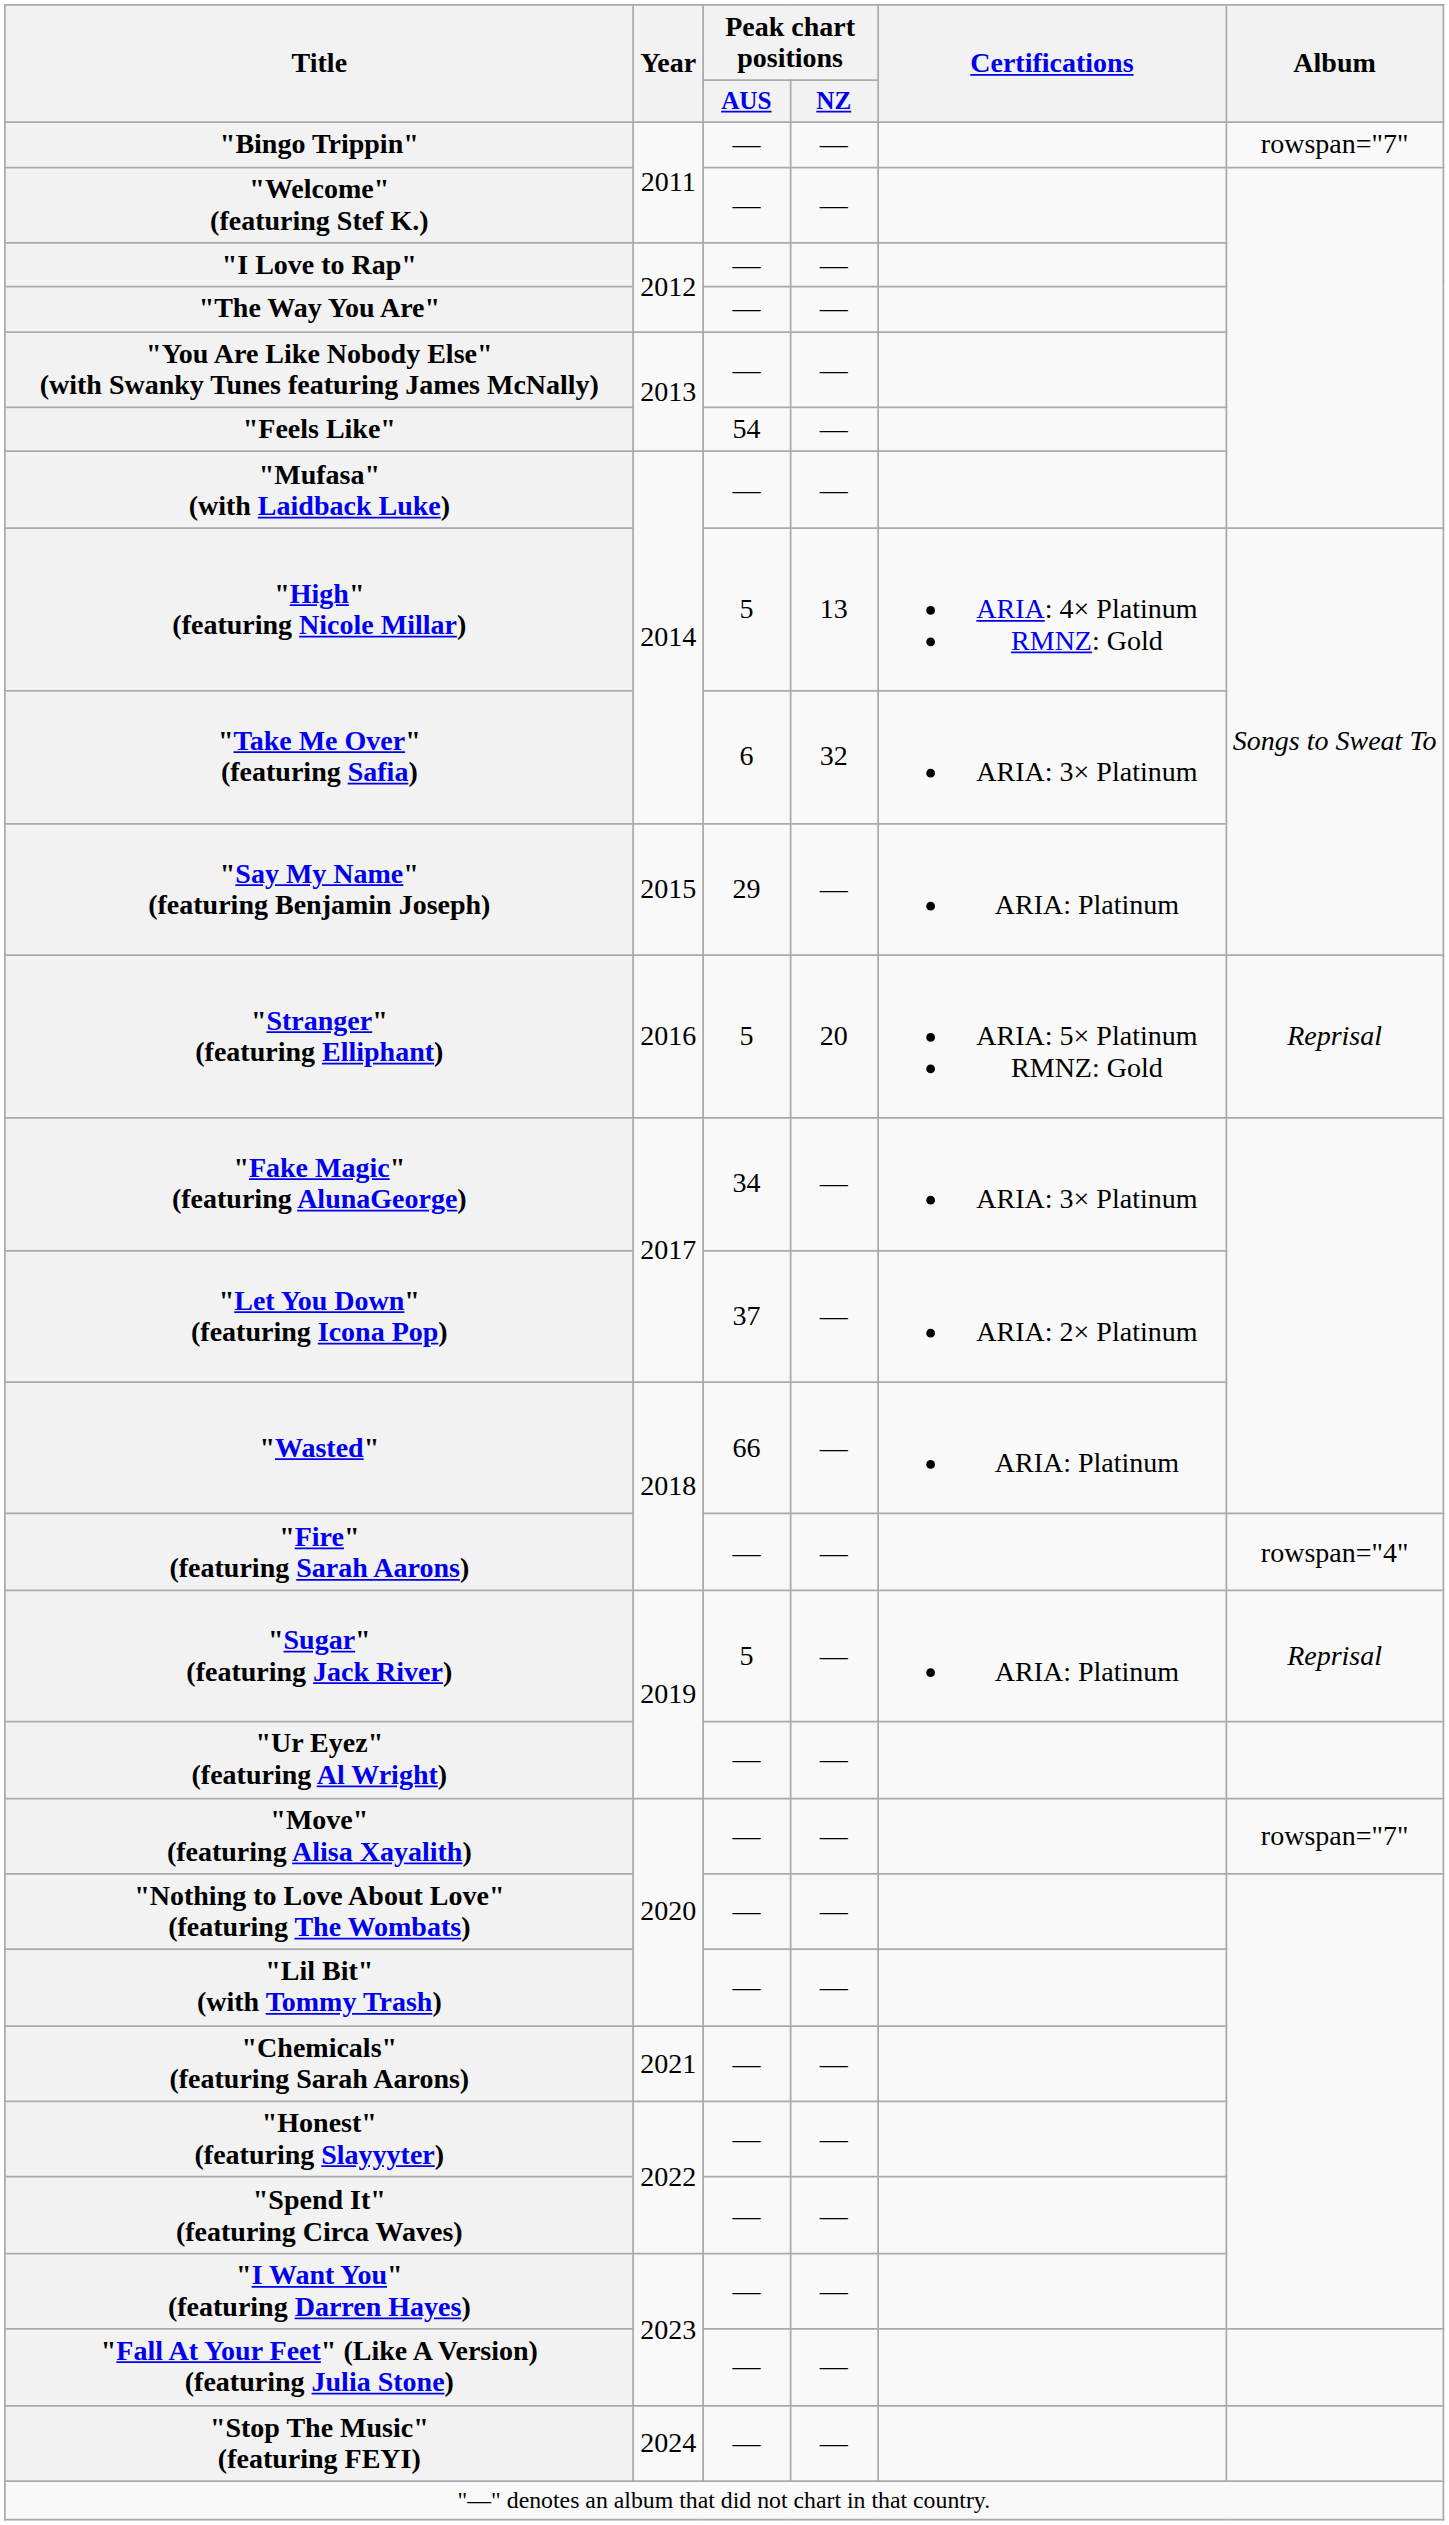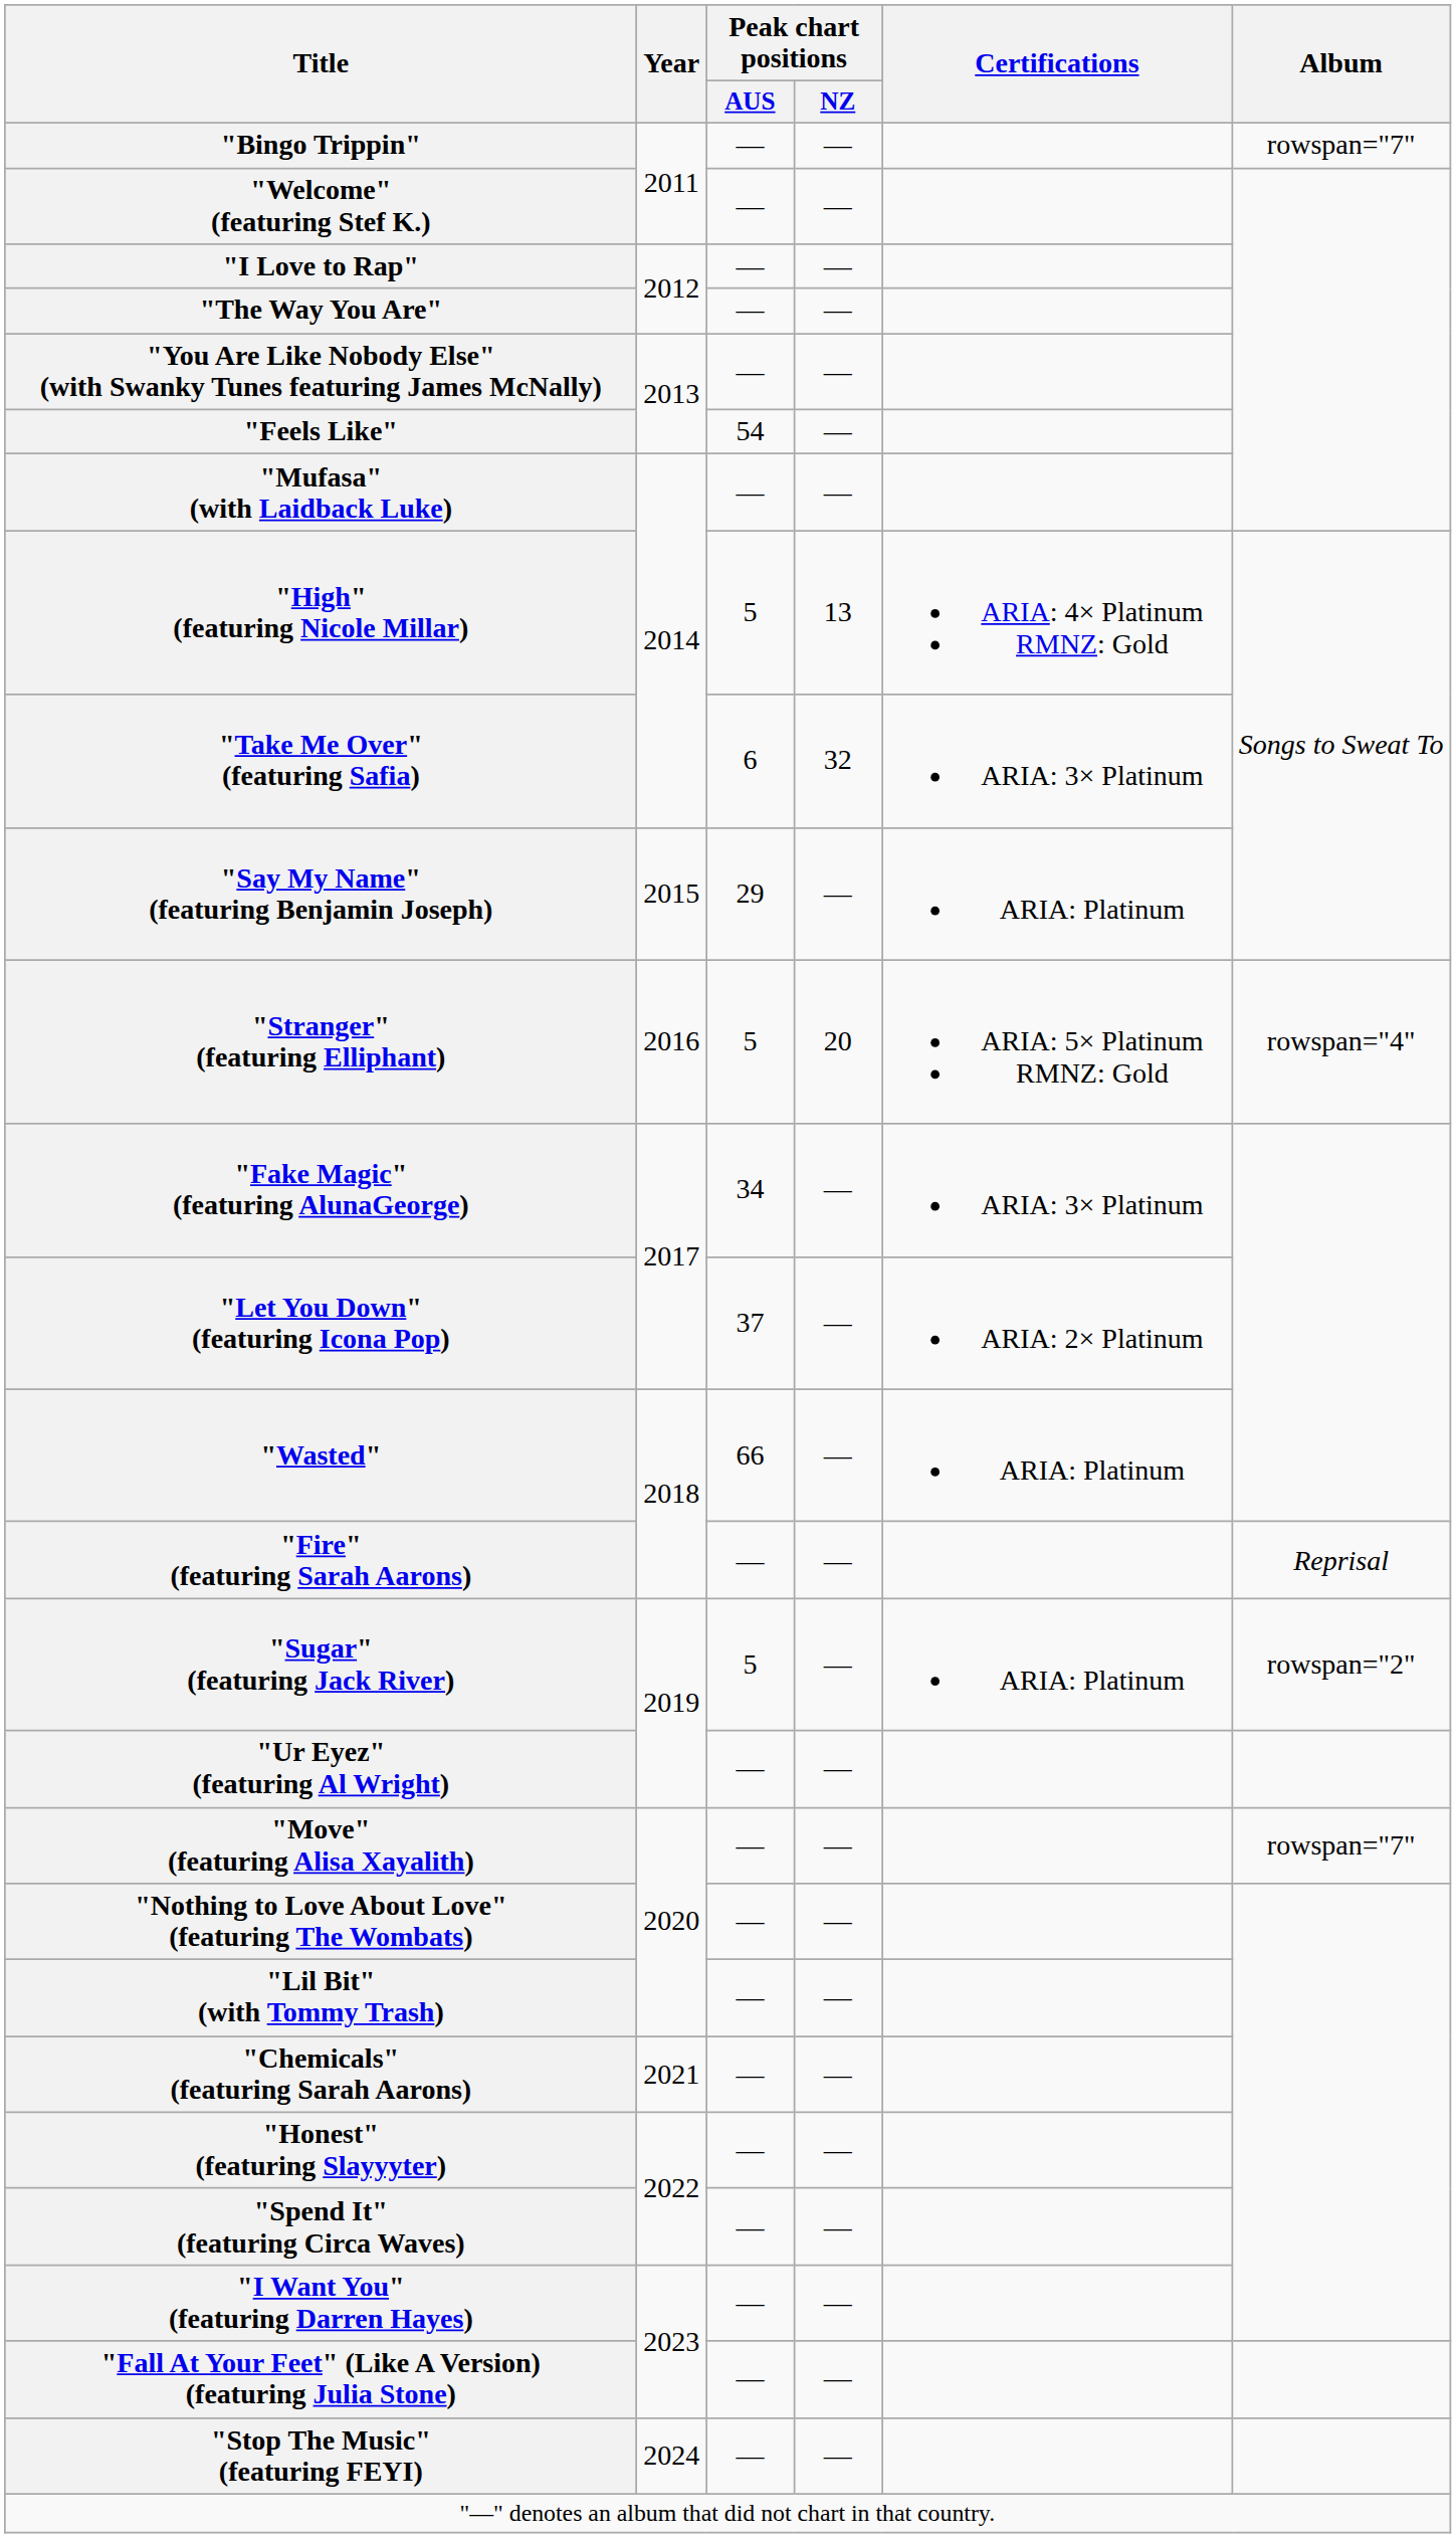 <table class="wikitable plainrowheaders" style="text-align:center;">
 <tr>
 <th scope="col" rowspan="2" style="width:22em;">Title</th>
 <th scope="col" rowspan="2" style="width:1em;">Year</th>
 <th scope="col" colspan="2">Peak chart positions</th>
 <th scope="col" rowspan="2" style="width:12em;"><a href='#'>Certifications</a></th>
 <th scope="col" rowspan="2">Album</th>
 </tr>
 <tr>
 <th scope="col" style="width:3em;font-size:90%;"><a href='#'>AUS</a><br></th>
 <th scope="col" style="width:3em;font-size:90%;"><a href='#'>NZ</a><br></th>
 </tr>
 <tr>
 <th scope="row">"Bingo Trippin"</th>
 <td rowspan="2">2011</td>
 <td>—</td>
 <td>—</td>
 <td></td>
 <td>rowspan="7" </td>
 </tr>
 <tr>
 <th scope="row">"Welcome"<br><span>(featuring Stef K.)</span></th>
 <td>—</td>
 <td>—</td>
 <td></td>
 </tr>
 <tr>
 <th scope="row">"I Love to Rap"</th>
 <td rowspan="2">2012</td>
 <td>—</td>
 <td>—</td>
 <td></td>
 </tr>
 <tr>
 <th scope="row">"The Way You Are"</th>
 <td>—</td>
 <td>—</td>
 <td></td>
 </tr>
 <tr>
 <th scope="row">"You Are Like Nobody Else"<br><span>(with Swanky Tunes featuring James McNally)</span></th>
 <td rowspan="2">2013</td>
 <td>—</td>
 <td>—</td>
 <td></td>
 </tr>
 <tr>
 <th scope="row">"Feels Like"</th>
 <td>54</td>
 <td>—</td>
 <td></td>
 </tr>
 <tr>
 <th scope="row">"Mufasa"<br><span>(with <a href='#'>Laidback Luke</a>)</span></th>
 <td rowspan="3">2014</td>
 <td>—</td>
 <td>—</td>
 <td></td>
 </tr>
 <tr>
 <th scope="row">"<a href='#'>High</a>"<br><span>(featuring <a href='#'>Nicole Millar</a>)</span></th>
 <td>5</td>
 <td>13</td>
 <td><br><ul><li><a href='#'>ARIA</a>: 4× Platinum</li><li><a href='#'>RMNZ</a>: Gold</li></ul></td>
 <td rowspan="3"><em>Songs to Sweat To</em></td>
 </tr>
 <tr>
 <th scope="row">"<a href='#'>Take Me Over</a>"<br><span>(featuring <a href='#'>Safia</a>)</span></th>
 <td>6</td>
 <td>32</td>
 <td><br><ul><li>ARIA: 3× Platinum</li></ul></td>
 </tr>
 <tr>
 <th scope="row">"<a href='#'>Say My Name</a>"<br><span>(featuring Benjamin Joseph)</span></th>
 <td>2015</td>
 <td>29</td>
 <td>—</td>
 <td><br><ul><li>ARIA: Platinum</li></ul></td>
 </tr>
 <tr>
 <th scope="row">"<a href='#'>Stranger</a>"<br><span>(featuring <a href='#'>Elliphant</a>)</span></th>
 <td>2016</td>
 <td>5</td>
 <td>20</td>
 <td><br><ul><li>ARIA: 5× Platinum</li><li>RMNZ: Gold</li></ul></td>
-<td rowspan="1"><em>Reprisal</em></td>
+<td>rowspan="4" </td>
 </tr>
 <tr>
 <th scope="row">"<a href='#'>Fake Magic</a>"<br><span>(featuring <a href='#'>AlunaGeorge</a>)</span></th>
 <td rowspan="2">2017</td>
 <td>34</td>
 <td>—</td>
 <td><br><ul><li>ARIA: 3× Platinum</li></ul></td>
 </tr>
 <tr>
 <th scope="row">"<a href='#'>Let You Down</a>"<br><span>(featuring <a href='#'>Icona Pop</a>)</span></th>
 <td>37</td>
 <td>—</td>
 <td><br><ul><li>ARIA: 2× Platinum</li></ul></td>
 </tr>
 <tr>
 <th scope="row">"<a href='#'>Wasted</a>"</th>
 <td rowspan="2">2018</td>
 <td>66</td>
 <td>—</td>
 <td><br><ul><li>ARIA: Platinum</li></ul></td>
 </tr>
 <tr>
 <th scope="row">"<a href='#'>Fire</a>"<br><span>(featuring <a href='#'>Sarah Aarons</a>)</span></th>
 <td>—</td>
 <td>—</td>
 <td></td>
-<td>rowspan="4" </td>
+<td rowspan="1"><em>Reprisal</em></td>
 </tr>
 <tr>
 <th scope="row">"<a href='#'>Sugar</a>"<br><span>(featuring <a href='#'>Jack River</a>)</span></th>
 <td rowspan="2">2019</td>
 <td>5</td>
 <td>—</td>
 <td><br><ul><li>ARIA: Platinum</li></ul></td>
-<td rowspan="1"><em>Reprisal</em></td>
+<td>rowspan="2" </td>
 </tr>
 <tr>
 <th scope="row">"Ur Eyez"<br><span>(featuring <a href='#'>Al Wright</a>)</span></th>
 <td>—</td>
 <td>—</td>
 <td></td>
 </tr>
 <tr>
 <th scope="row">"Move"<br><span>(featuring <a href='#'>Alisa Xayalith</a>)</span></th>
 <td rowspan="3">2020</td>
 <td>—</td>
 <td>—</td>
 <td></td>
 <td>rowspan="7" </td>
 </tr>
 <tr>
 <th scope="row">"Nothing to Love About Love"<br><span>(featuring <a href='#'>The Wombats</a>)</span></th>
 <td>—</td>
 <td>—</td>
 <td></td>
 </tr>
 <tr>
 <th scope="row">"Lil Bit"<br><span>(with <a href='#'>Tommy Trash</a>)</span></th>
 <td>—</td>
 <td>—</td>
 <td></td>
 </tr>
 <tr>
 <th scope="row">"Chemicals"<br><span>(featuring Sarah Aarons)</span></th>
 <td>2021</td>
 <td>—</td>
 <td>—</td>
 <td></td>
 </tr>
 <tr>
 <th scope="row">"Honest" <br><span>(featuring <a href='#'>Slayyyter</a>)</span></th>
 <td rowspan="2">2022</td>
 <td>—</td>
 <td>—</td>
 <td></td>
 </tr>
 <tr>
 <th scope="row">"Spend It" <br><span>(featuring Circa Waves)</span></th>
 <td>—</td>
 <td>—</td>
 <td></td>
 </tr>
 <tr>
 <th scope="row">"<a href='#'>I Want You</a>" <br><span>(featuring <a href='#'>Darren Hayes</a>)</span></th>
 <td rowspan="2">2023</td>
 <td>—</td>
 <td>—</td>
 <td></td>
 </tr>
 <tr>
 <th scope="row">"<a href='#'>Fall At Your Feet</a>" (Like A Version) <br><span>(featuring <a href='#'>Julia Stone</a>)</span></th>
 <td>—</td>
 <td>—</td>
 <td></td>
 <td></td>
 </tr>
 <tr>
 <th scope="row">"Stop The Music" <br><span>(featuring FEYI)</span></th>
 <td>2024</td>
 <td>—</td>
 <td>—</td>
 <td></td>
 <td></td>
 </tr>
 <tr>
 <td colspan="6" style="font-size:85%;">"—" denotes an album that did not chart in that country.</td>
 </tr>
 </table>
